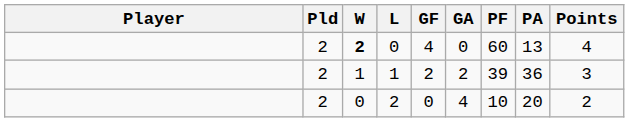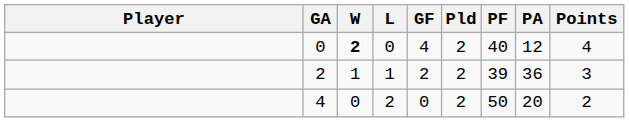 <table class=wikitable style="text-align:center">
 <tr>
 <th width=220>Player</th>
-<th width=20>Pld</th>
+<th width=20>GA</th>
 <th width=20>W</th>
 <th width=20>L</th>
 <th width=20>GF</th>
-<th width=20>GA</th>
+<th width=20>Pld</th>
 <th width=20>PF</th>
 <th width=20>PA</th>
 <th width=50>Points</th>
 </tr>
 <tr>
 <td align=left></td>
-<td>2</td>
+<td>0</td>
 <td><strong>2</strong></td>
 <td>0</td>
 <td>4</td>
-<td>0</td>
-<td>60</td>
-<td>13</td>
+<td>2</td>
+<td>40</td>
+<td>12</td>
 <td>4</td>
 </tr>
 <tr>
 <td align=left></td>
 <td>2</td>
 <td>1</td>
 <td>1</td>
 <td>2</td>
 <td>2</td>
 <td>39</td>
 <td>36</td>
 <td>3</td>
 </tr>
 <tr>
 <td align=left></td>
+<td>4</td>
+<td>0</td>
 <td>2</td>
 <td>0</td>
 <td>2</td>
-<td>0</td>
-<td>4</td>
-<td>10</td>
+<td>50</td>
 <td>20</td>
 <td>2</td>
 </tr>
 </table>
